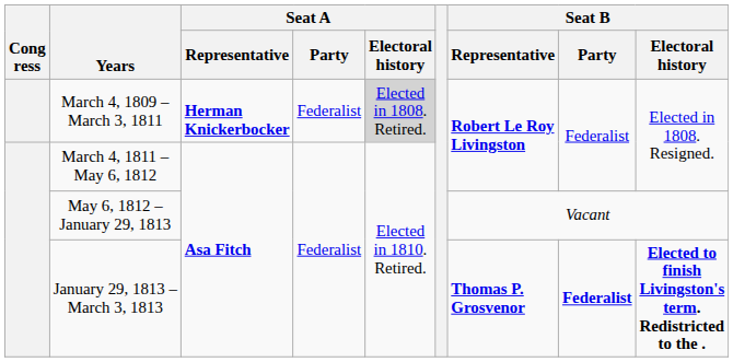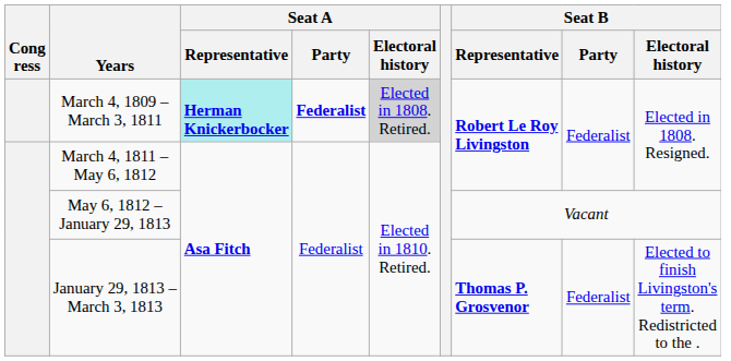 <table class=wikitable style="text-align:center">
 <tr valign=bottom>
 <th rowspan=2>Cong<br>ress</th>
 <th rowspan=2>Years</th>
 <th colspan=3>Seat A</th>
 <th rowspan=99> </th>
 <th colspan=3>Seat B</th>
 </tr>
 <tr style="height:3em">
 <th>Representative</th>
 <th>Party</th>
 <th>Electoral history</th>
 <th>Representative</th>
 <th>Party</th>
 <th>Electoral history</th>
 </tr>
 <tr style="height:3em">
 <th></th>
 <td nowrap>March 4, 1809 –<br>March 3, 1811</td>
-<td align=left><br><strong><a href='#'>Herman Knickerbocker</a></strong><br></td>
-<td><a href='#'>Federalist</a></td>
+<td align=left style="background: paleturquoise;"><br><strong><a href='#'>Herman Knickerbocker</a></strong><br></td>
+<td><strong><a href='#'>Federalist</a></strong></td>
 <td style="background: lightgrey;"><a href='#'>Elected in 1808</a>.<br>Retired.</td>
 <td rowspan="2" style="text-align:left;"><strong><a href='#'>Robert Le Roy Livingston</a></strong><br></td>
 <td rowspan=2 ><a href='#'>Federalist</a></td>
 <td rowspan=2><a href='#'>Elected in 1808</a>.<br>Resigned.</td>
 </tr>
 <tr style="height:3em">
 <th rowspan=3></th>
 <td nowrap>March 4, 1811 –<br>May 6, 1812</td>
 <td rowspan="3" style="text-align:left;"><strong><a href='#'>Asa Fitch</a></strong><br></td>
 <td rowspan=3 ><a href='#'>Federalist</a></td>
 <td rowspan=3><a href='#'>Elected in 1810</a>.<br>Retired.</td>
 </tr>
 <tr style="height:3em">
 <td nowrap>May 6, 1812 –<br>January 29, 1813</td>
 <td colspan=3><em>Vacant</em></td>
 </tr>
 <tr style="height:3em">
 <td nowrap>January 29, 1813 –<br>March 3, 1813</td>
 <td align=left><strong><a href='#'>Thomas P. Grosvenor</a></strong><br></td>
-<td><strong><a href='#'>Federalist</a></strong></td>
-<td><strong><a href='#'>Elected to finish Livingston's term</a>.<br>Redistricted to the .</strong></td>
+<td><a href='#'>Federalist</a></td>
+<td><a href='#'>Elected to finish Livingston's term</a>.<br>Redistricted to the .</td>
 </tr>
 </table>
